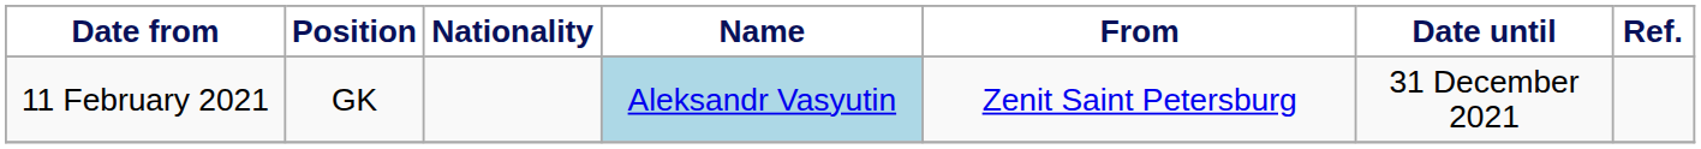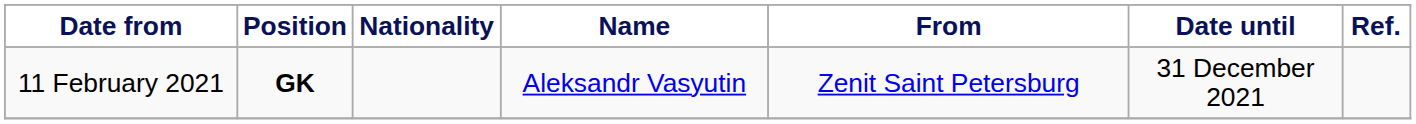 <table class="wikitable" style="text-align:center; font-size:90%; ">
 <tr>
 <th style="background:#FFFFFF; color:#081159; width:120px;">Date from</th>
 <th style="background:#FFFFFF; color:#081159; width:50px;">Position</th>
 <th style="background:#FFFFFF; color:#081159; width:50px;">Nationality</th>
 <th style="background:#FFFFFF; color:#081159; width:140px;">Name</th>
 <th style="background:#FFFFFF; color:#081159; width:190px;">From</th>
 <th style="background:#FFFFFF; color:#081159; width:110px;">Date until</th>
 <th style="background:#FFFFFF; color:#081159; width:30px;">Ref.</th>
 </tr>
 <tr>
 <td>11 February 2021</td>
-<td>GK</td>
+<td><strong>GK</strong></td>
 <td></td>
-<td style="background: lightblue;"><a href='#'>Aleksandr Vasyutin</a></td>
+<td><a href='#'>Aleksandr Vasyutin</a></td>
 <td> <a href='#'>Zenit Saint Petersburg</a></td>
 <td>31 December 2021</td>
 <td></td>
 </tr>
 <tr>
 </tr>
 </table>
